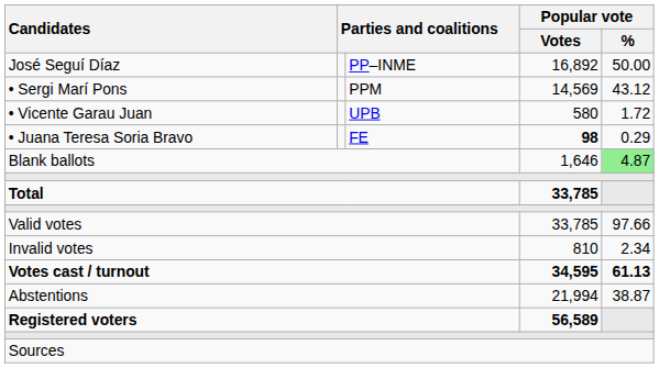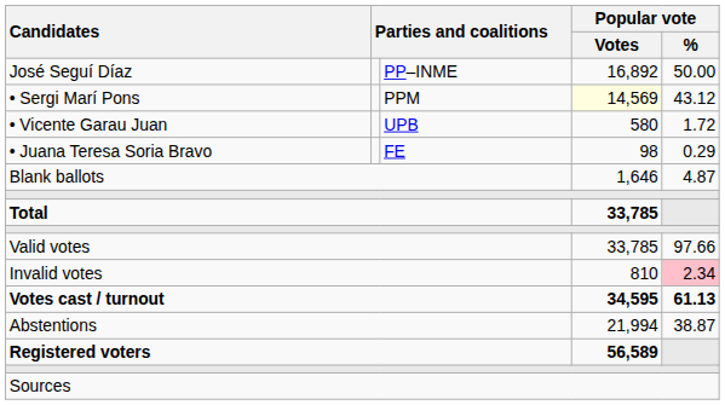 <table class="wikitable" style="text-align:right; font-size:95%;">
 <tr>
 <th style="text-align:left;" rowspan="2" width="325">Candidates</th>
 <th style="text-align:left;" rowspan="2" colspan="2" width="175">Parties and coalitions</th>
 <th colspan="2">Popular vote</th>
 </tr>
 <tr>
 <th width="75">Votes</th>
 <th width="45">%</th>
 </tr>
 <tr>
 <td align="left"> José Seguí Díaz</td>
 <td width="1" style="color:inherit;background:"></td>
 <td align="left"><a href='#'>PP</a>–INME</td>
 <td>16,892</td>
 <td>50.00</td>
 </tr>
 <tr>
 <td align="left">• Sergi Marí Pons</td>
 <td style="color:inherit;background:"></td>
 <td align="left">PPM</td>
-<td>14,569</td>
+<td style="background: lightyellow;">14,569</td>
 <td>43.12</td>
 </tr>
 <tr>
 <td align="left">• Vicente Garau Juan</td>
 <td style="color:inherit;background:"></td>
 <td align="left"><a href='#'>UPB</a></td>
 <td>580</td>
 <td>1.72</td>
 </tr>
 <tr>
 <td align="left">• Juana Teresa Soria Bravo</td>
 <td style="color:inherit;background:"></td>
 <td align="left"><a href='#'>FE</a></td>
-<td><strong>98</strong></td>
+<td>98</td>
 <td>0.29</td>
 </tr>
 <tr>
 <td align="left" colspan="3">Blank ballots</td>
 <td>1,646</td>
-<td style="background: lightgreen;">4.87</td>
+<td>4.87</td>
 </tr>
 <tr>
 <td colspan="5" bgcolor="#E9E9E9"></td>
 </tr>
 <tr style="font-weight:bold;">
 <td align="left" colspan="3">Total</td>
 <td>33,785</td>
 <td bgcolor="#E9E9E9"></td>
 </tr>
 <tr>
 <td colspan="5" bgcolor="#E9E9E9"></td>
 </tr>
 <tr>
 <td align="left" colspan="3">Valid votes</td>
 <td>33,785</td>
 <td>97.66</td>
 </tr>
 <tr>
 <td align="left" colspan="3">Invalid votes</td>
 <td>810</td>
-<td>2.34</td>
+<td style="background: pink;">2.34</td>
 </tr>
 <tr style="font-weight:bold;">
 <td align="left" colspan="3">Votes cast / turnout</td>
 <td>34,595</td>
 <td>61.13</td>
 </tr>
 <tr>
 <td align="left" colspan="3">Abstentions</td>
 <td>21,994</td>
 <td>38.87</td>
 </tr>
 <tr style="font-weight:bold;">
 <td align="left" colspan="3">Registered voters</td>
 <td>56,589</td>
 <td bgcolor="#E9E9E9"></td>
 </tr>
 <tr>
 <td colspan="5" bgcolor="#E9E9E9"></td>
 </tr>
 <tr>
 <td align="left" colspan="5">Sources</td>
 </tr>
 </table>
